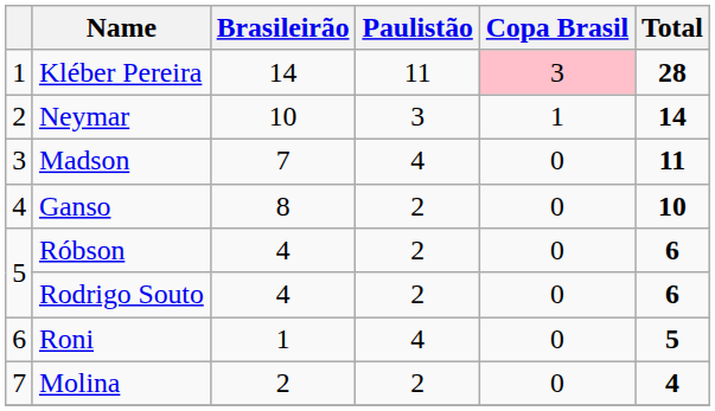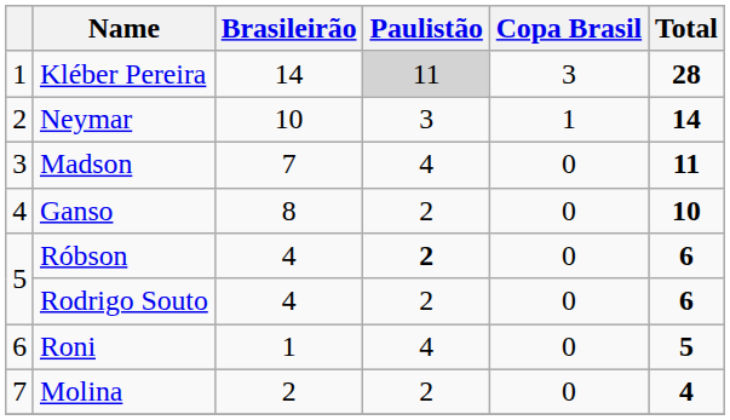 <table class="wikitable " style="text-align:center;">
 <tr>
 <th></th>
 <th>Name</th>
 <th><a href='#'>Brasileirão</a></th>
 <th><a href='#'>Paulistão</a></th>
 <th><a href='#'>Copa Brasil</a></th>
 <th>Total</th>
 </tr>
 <tr>
 <td align=center>1</td>
 <td align=left> <a href='#'>Kléber Pereira</a></td>
 <td>14</td>
-<td>11</td>
-<td style="background: pink;">3</td>
+<td style="background: lightgrey;">11</td>
+<td>3</td>
 <td><strong>28</strong></td>
 </tr>
 <tr>
 <td align=center>2</td>
 <td align=left> <a href='#'>Neymar</a></td>
 <td>10</td>
 <td>3</td>
 <td>1</td>
 <td><strong>14</strong></td>
 </tr>
 <tr>
 <td align=center>3</td>
 <td align=left> <a href='#'>Madson</a></td>
 <td>7</td>
 <td>4</td>
 <td>0</td>
 <td><strong>11</strong></td>
 </tr>
 <tr>
 <td align=center>4</td>
 <td align=left> <a href='#'>Ganso</a></td>
 <td>8</td>
 <td>2</td>
 <td>0</td>
 <td><strong>10</strong></td>
 </tr>
 <tr>
 <td align=center rowspan=2>5</td>
 <td align=left> <a href='#'>Róbson</a></td>
 <td>4</td>
-<td>2</td>
+<td><strong>2</strong></td>
 <td>0</td>
 <td><strong>6</strong></td>
 </tr>
 <tr>
 <td align=left> <a href='#'>Rodrigo Souto</a></td>
 <td>4</td>
 <td>2</td>
 <td>0</td>
 <td><strong>6</strong></td>
 </tr>
 <tr>
 <td align=center>6</td>
 <td align=left> <a href='#'>Roni</a></td>
 <td>1</td>
 <td>4</td>
 <td>0</td>
 <td><strong>5</strong></td>
 </tr>
 <tr>
 <td align=center>7</td>
 <td align=left> <a href='#'>Molina</a></td>
 <td>2</td>
 <td>2</td>
 <td>0</td>
 <td><strong>4</strong></td>
 </tr>
 <tr>
 </tr>
 </table>
